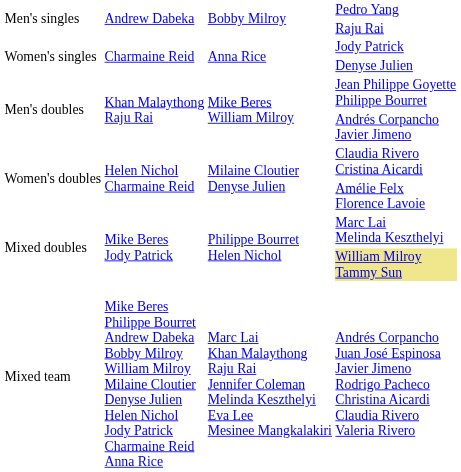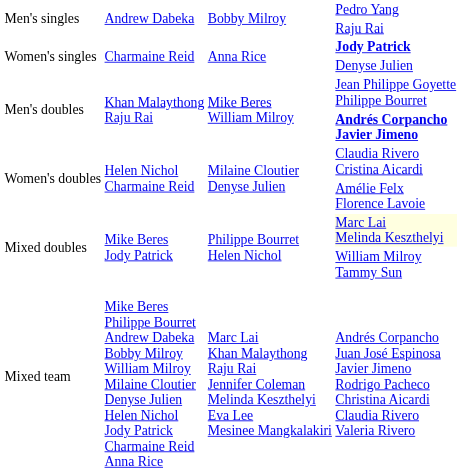 <table>
 <tr>
 <td rowspan="2">Men's singles</td>
 <td rowspan="2"> <a href='#'>Andrew Dabeka</a></td>
 <td rowspan="2"> <a href='#'>Bobby Milroy</a></td>
 <td> <a href='#'>Pedro Yang</a></td>
 </tr>
 <tr>
 <td> <a href='#'>Raju Rai</a></td>
 </tr>
 <tr>
 <td rowspan="2">Women's singles</td>
 <td rowspan="2"> <a href='#'>Charmaine Reid</a></td>
 <td rowspan="2"> <a href='#'>Anna Rice</a></td>
-<td> <a href='#'>Jody Patrick</a></td>
+<td><strong> <a href='#'>Jody Patrick</a></strong></td>
 </tr>
 <tr>
 <td> <a href='#'>Denyse Julien</a></td>
 </tr>
 <tr>
 <td rowspan="2">Men's doubles</td>
 <td rowspan="2"> <a href='#'>Khan Malaythong</a><br> <a href='#'>Raju Rai</a></td>
 <td rowspan="2"> <a href='#'>Mike Beres</a><br> <a href='#'>William Milroy</a></td>
 <td> <a href='#'>Jean Philippe Goyette</a><br> <a href='#'>Philippe Bourret</a></td>
 </tr>
 <tr>
-<td> <a href='#'>Andrés Corpancho</a><br> <a href='#'>Javier Jimeno</a></td>
+<td><strong> <a href='#'>Andrés Corpancho</a><br> <a href='#'>Javier Jimeno</a></strong></td>
 </tr>
 <tr>
 <td rowspan="2">Women's doubles</td>
 <td rowspan="2"> <a href='#'>Helen Nichol</a><br> <a href='#'>Charmaine Reid</a></td>
 <td rowspan="2"> <a href='#'>Milaine Cloutier</a><br> <a href='#'>Denyse Julien</a></td>
 <td> <a href='#'>Claudia Rivero</a><br> <a href='#'>Cristina Aicardi</a></td>
 </tr>
 <tr>
 <td> <a href='#'>Amélie Felx</a><br> <a href='#'>Florence Lavoie</a></td>
 </tr>
 <tr>
 <td rowspan="2">Mixed doubles</td>
 <td rowspan="2"> <a href='#'>Mike Beres</a><br> <a href='#'>Jody Patrick</a></td>
 <td rowspan="2"> <a href='#'>Philippe Bourret</a><br> <a href='#'>Helen Nichol</a></td>
-<td> <a href='#'>Marc Lai</a><br> <a href='#'>Melinda Keszthelyi</a></td>
+<td style="background: lightyellow;"> <a href='#'>Marc Lai</a><br> <a href='#'>Melinda Keszthelyi</a></td>
 </tr>
 <tr>
-<td style="background: khaki;"> <a href='#'>William Milroy</a><br> <a href='#'>Tammy Sun</a></td>
+<td> <a href='#'>William Milroy</a><br> <a href='#'>Tammy Sun</a></td>
 </tr>
 <tr>
 <td>Mixed team</td>
 <td><br><a href='#'>Mike Beres</a><br><a href='#'>Philippe Bourret</a><br><a href='#'>Andrew Dabeka</a><br><a href='#'>Bobby Milroy</a><br><a href='#'>William Milroy</a><br><a href='#'>Milaine Cloutier</a><br><a href='#'>Denyse Julien</a><br><a href='#'>Helen Nichol</a><br><a href='#'>Jody Patrick</a><br><a href='#'>Charmaine Reid</a><br><a href='#'>Anna Rice</a></td>
 <td><br><a href='#'>Marc Lai</a><br><a href='#'>Khan Malaythong</a><br><a href='#'>Raju Rai</a><br><a href='#'>Jennifer Coleman</a><br><a href='#'>Melinda Keszthelyi</a><br><a href='#'>Eva Lee</a><br><a href='#'>Mesinee Mangkalakiri</a></td>
 <td><br><a href='#'>Andrés Corpancho</a><br><a href='#'>Juan José Espinosa</a><br><a href='#'>Javier Jimeno</a><br><a href='#'>Rodrigo Pacheco</a><br><a href='#'>Christina Aicardi</a><br><a href='#'>Claudia Rivero</a><br><a href='#'>Valeria Rivero</a></td>
 </tr>
 </table>
